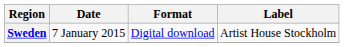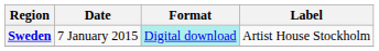 <table class="wikitable sortable plainrowheaders">
 <tr>
 <th scope="col">Region</th>
 <th scope="col">Date</th>
 <th scope="col">Format</th>
 <th scope="col">Label</th>
 </tr>
 <tr>
 <th scope="row"><a href='#'>Sweden</a></th>
 <td>7 January 2015</td>
-<td><a href='#'>Digital download</a></td>
+<td style="background: paleturquoise;"><a href='#'>Digital download</a></td>
 <td>Artist House Stockholm</td>
 </tr>
 <tr>
 </tr>
 </table>
